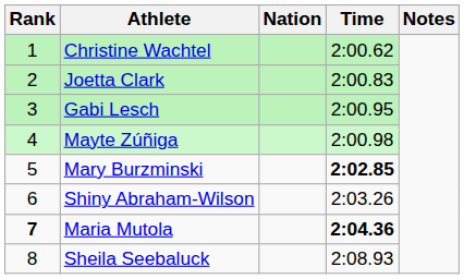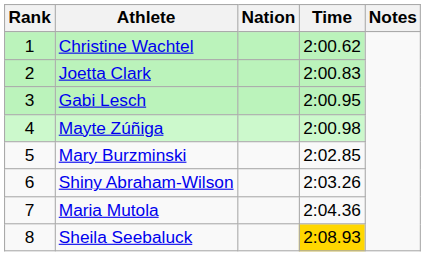 <table class="wikitable sortable" style="text-align:center">
 <tr>
 <th>Rank</th>
 <th>Athlete</th>
 <th>Nation</th>
 <th>Time</th>
 <th>Notes</th>
 </tr>
 <tr style="background:#bbf3bb;">
 <td>1</td>
 <td align=left><a href='#'>Christine Wachtel</a></td>
 <td align=left></td>
 <td>2:00.62</td>
 </tr>
 <tr style="background:#bbf3bb;">
 <td>2</td>
 <td align=left><a href='#'>Joetta Clark</a></td>
 <td align=left></td>
 <td>2:00.83</td>
 </tr>
 <tr style="background:#bbf3bb;">
 <td>3</td>
 <td align=left><a href='#'>Gabi Lesch</a></td>
 <td align=left></td>
 <td>2:00.95</td>
 </tr>
 <tr style="background:#ccf9cc;">
 <td>4</td>
 <td align=left><a href='#'>Mayte Zúñiga</a></td>
 <td align=left></td>
 <td>2:00.98</td>
 </tr>
 <tr>
 <td>5</td>
 <td align=left><a href='#'>Mary Burzminski</a></td>
 <td align=left></td>
-<td><strong>2:02.85</strong></td>
+<td>2:02.85</td>
 </tr>
 <tr>
 <td>6</td>
 <td align=left><a href='#'>Shiny Abraham-Wilson</a></td>
 <td align=left></td>
 <td>2:03.26</td>
 </tr>
 <tr>
-<td><strong>7</strong></td>
+<td>7</td>
 <td align=left><a href='#'>Maria Mutola</a></td>
 <td align=left></td>
-<td><strong>2:04.36</strong></td>
+<td>2:04.36</td>
 </tr>
 <tr>
 <td>8</td>
 <td align=left><a href='#'>Sheila Seebaluck</a></td>
 <td align=left></td>
-<td>2:08.93</td>
+<td style="background: gold;">2:08.93</td>
 </tr>
 </table>
